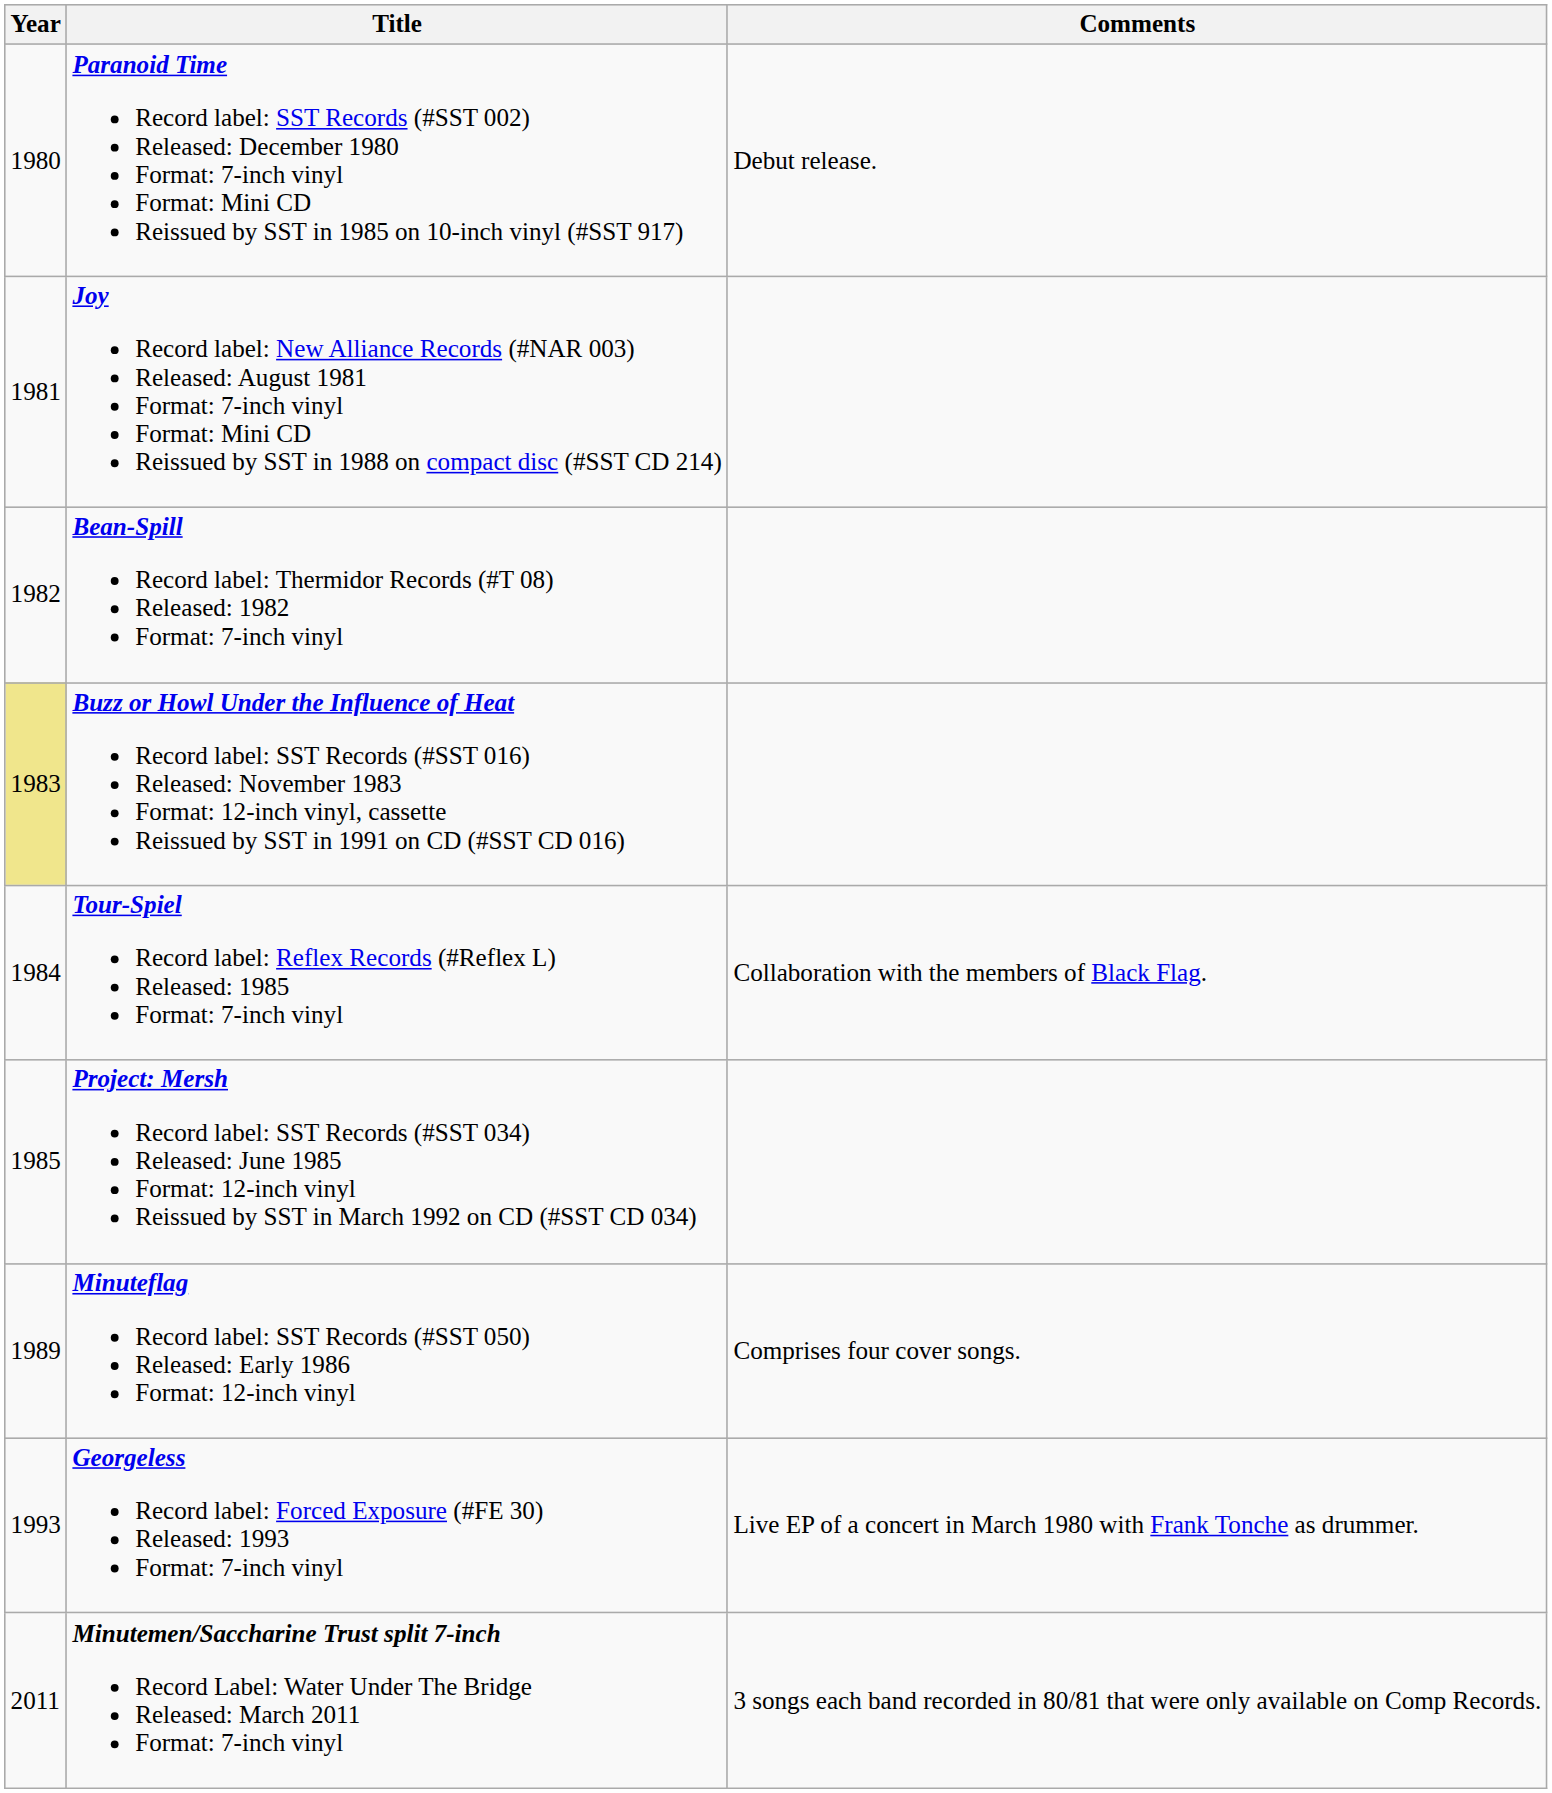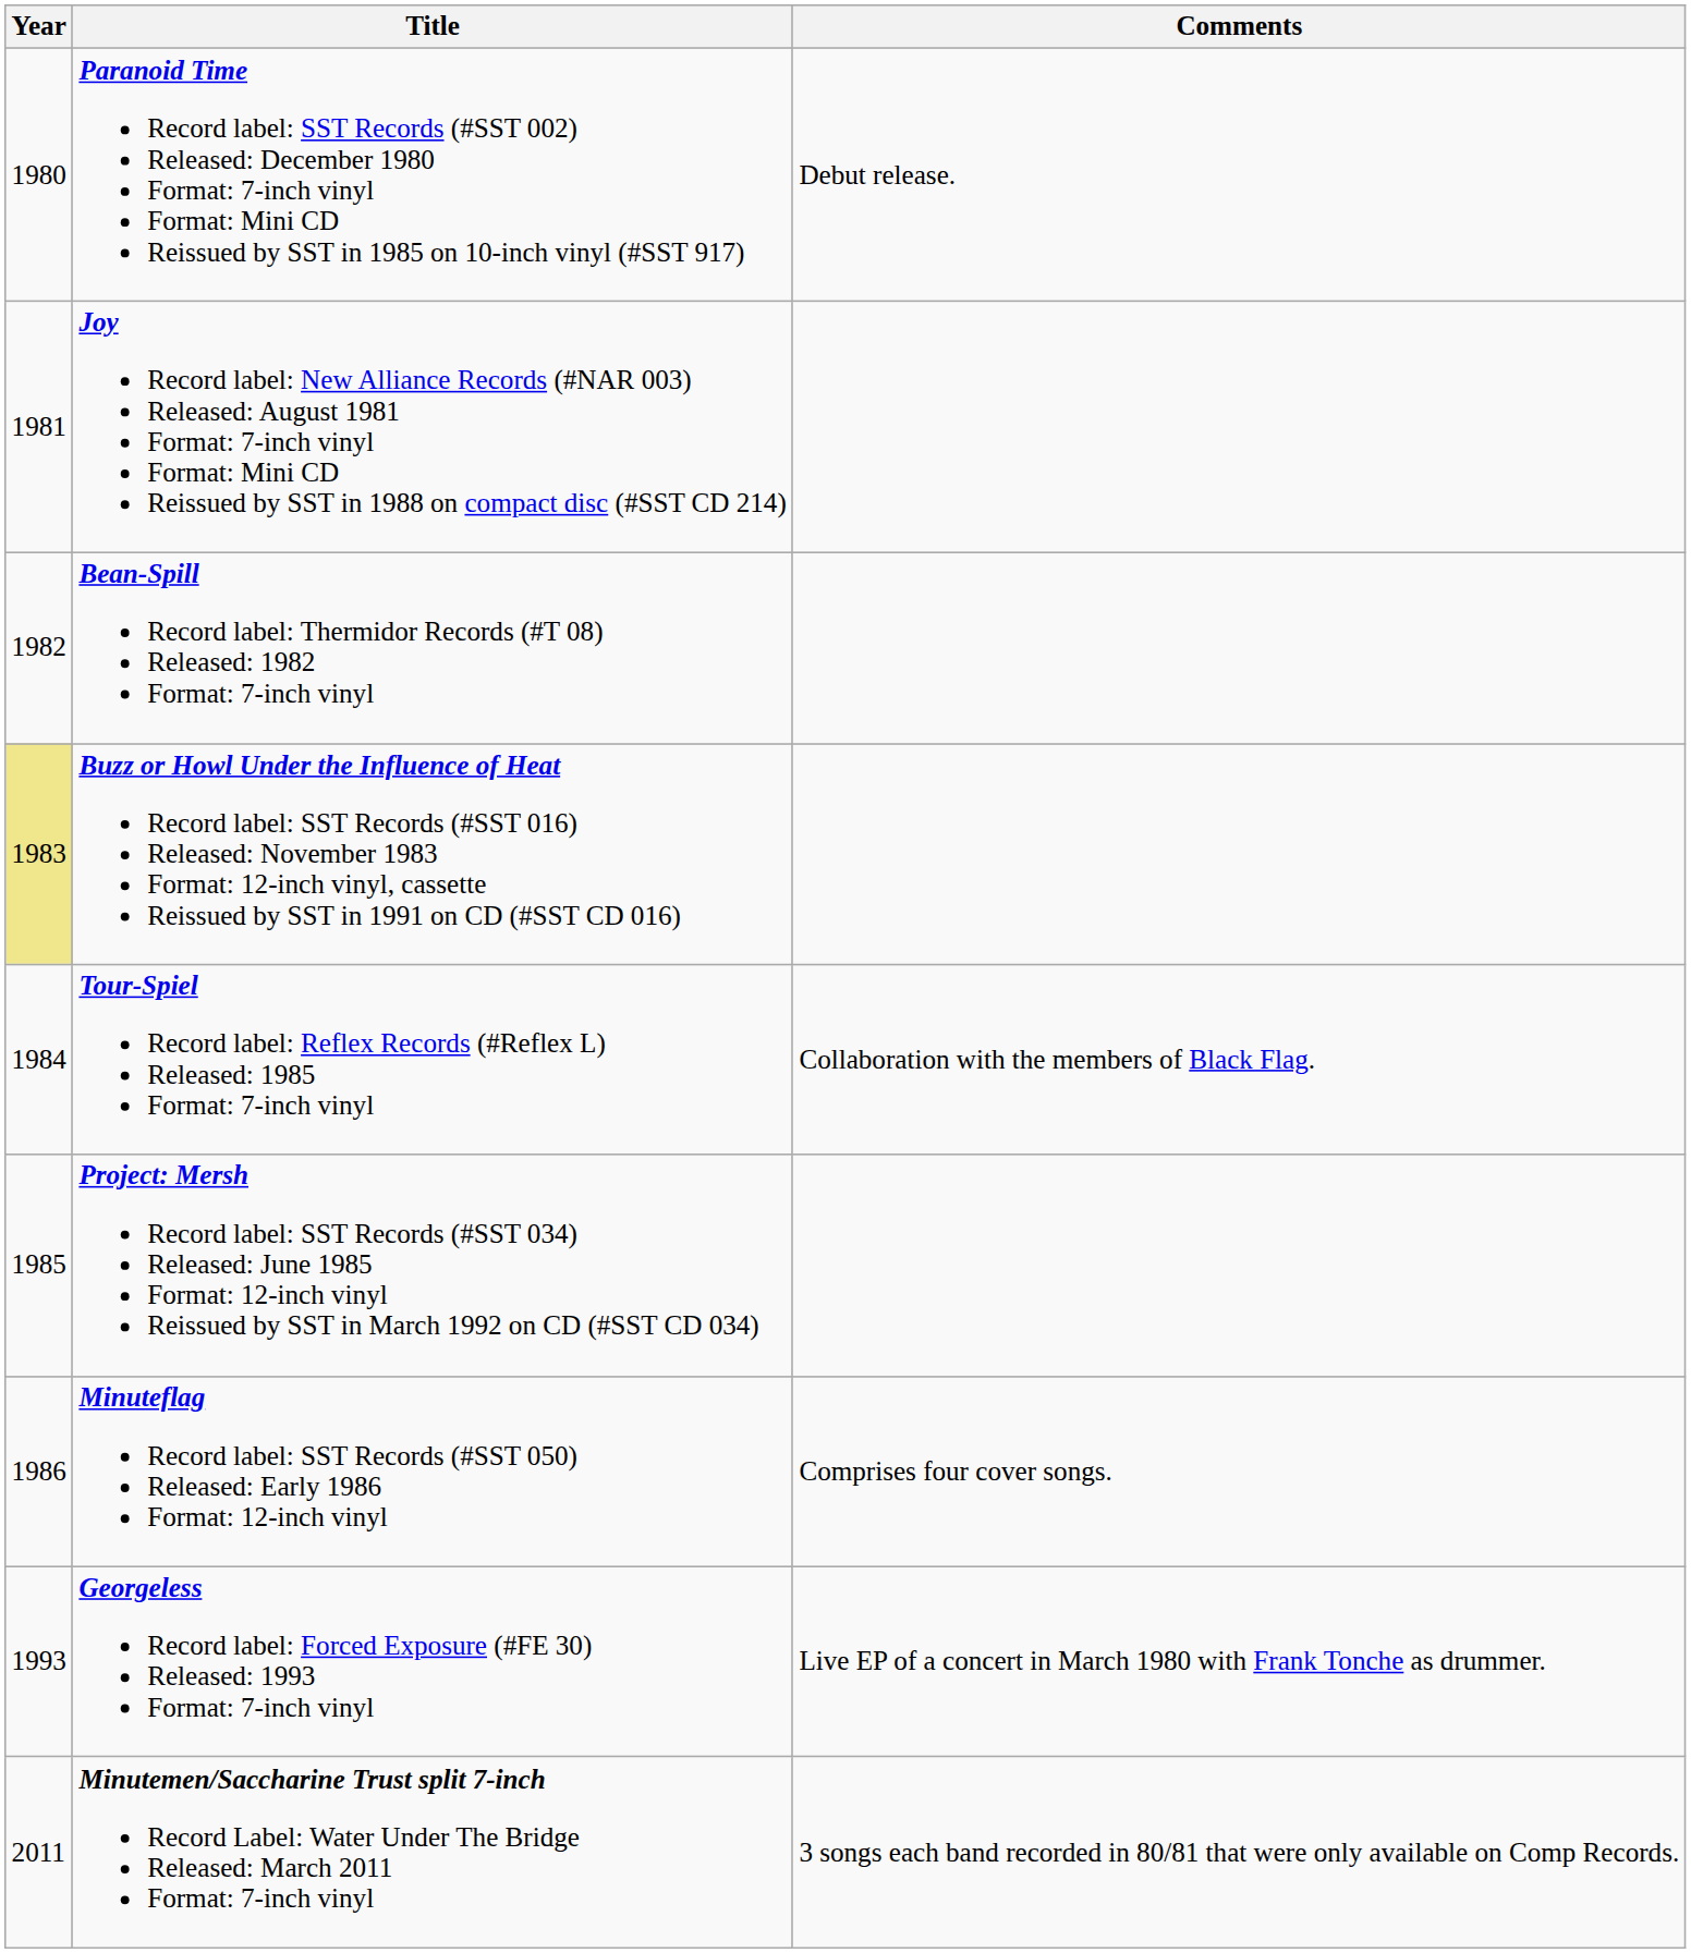 <table class="wikitable">
 <tr>
 <th>Year</th>
 <th>Title</th>
 <th>Comments</th>
 </tr>
 <tr>
 <td>1980</td>
 <td><strong><em><a href='#'>Paranoid Time</a></em></strong><br><ul><li>Record label: <a href='#'>SST Records</a> (#SST 002)</li><li>Released: December 1980</li><li>Format: 7-inch vinyl</li><li>Format: Mini CD</li><li>Reissued by SST in 1985 on 10-inch vinyl (#SST 917)</li></ul></td>
 <td>Debut release.</td>
 </tr>
 <tr>
 <td>1981</td>
 <td><strong><em><a href='#'>Joy</a></em></strong><br><ul><li>Record label: <a href='#'>New Alliance Records</a> (#NAR 003)</li><li>Released: August 1981</li><li>Format: 7-inch vinyl</li><li>Format: Mini CD</li><li>Reissued by SST in 1988 on <a href='#'>compact disc</a> (#SST CD 214)</li></ul></td>
 <td></td>
 </tr>
 <tr>
 <td>1982</td>
 <td><strong><em><a href='#'>Bean-Spill</a></em></strong><br><ul><li>Record label: Thermidor Records (#T 08)</li><li>Released: 1982</li><li>Format: 7-inch vinyl</li></ul></td>
 <td></td>
 </tr>
 <tr>
 <td style="background: khaki;">1983</td>
 <td><strong><em><a href='#'>Buzz or Howl Under the Influence of Heat</a></em></strong><br><ul><li>Record label: SST Records (#SST 016)</li><li>Released: November 1983</li><li>Format: 12-inch vinyl, cassette</li><li>Reissued by SST in 1991 on CD (#SST CD 016)</li></ul></td>
 <td></td>
 </tr>
 <tr>
 <td>1984</td>
 <td><strong><em><a href='#'>Tour-Spiel</a></em></strong><br><ul><li>Record label: <a href='#'>Reflex Records</a> (#Reflex L)</li><li>Released: 1985</li><li>Format: 7-inch vinyl</li></ul></td>
 <td>Collaboration with the members of <a href='#'>Black Flag</a>.</td>
 </tr>
 <tr>
 <td>1985</td>
 <td><strong><em><a href='#'>Project: Mersh</a></em></strong><br><ul><li>Record label: SST Records (#SST 034)</li><li>Released: June 1985</li><li>Format: 12-inch vinyl</li><li>Reissued by SST in March 1992 on CD (#SST CD 034)</li></ul></td>
 </tr>
 <tr>
-<td>1989</td>
+<td>1986</td>
 <td><strong><em><a href='#'>Minuteflag</a></em></strong><br><ul><li>Record label: SST Records (#SST 050)</li><li>Released: Early 1986</li><li>Format: 12-inch vinyl</li></ul></td>
 <td>Comprises four cover songs.</td>
 </tr>
 <tr>
 <td>1993</td>
 <td><strong><em><a href='#'>Georgeless</a></em></strong><br><ul><li>Record label: <a href='#'>Forced Exposure</a> (#FE 30)</li><li>Released: 1993</li><li>Format: 7-inch vinyl</li></ul></td>
 <td>Live EP of a concert in March 1980 with <a href='#'>Frank Tonche</a> as drummer.</td>
 </tr>
 <tr>
 <td>2011</td>
 <td><strong><em>Minutemen/Saccharine Trust split 7-inch</em></strong><br><ul><li>Record Label: Water Under The Bridge</li><li>Released: March 2011</li><li>Format: 7-inch vinyl</li></ul></td>
 <td>3 songs each band recorded in 80/81 that were only available on Comp Records.</td>
 </tr>
 </table>
